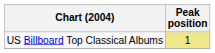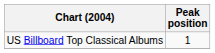 <table class="wikitable">
 <tr>
 <th>Chart (2004)</th>
 <th>Peak<br>position</th>
 </tr>
 <tr>
 <td>US <a href='#'>Billboard</a> Top Classical Albums</td>
-<td align="center" style="background: khaki;">1</td>
+<td align="center">1</td>
 </tr>
 <tr>
 </tr>
 </table>
